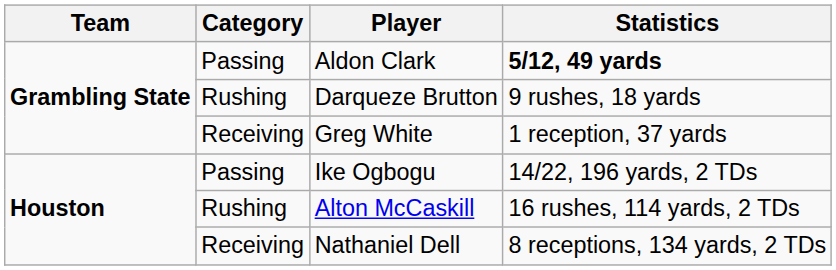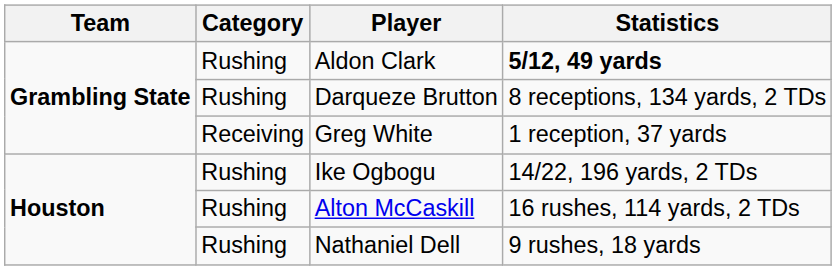 <table class="wikitable" style="float: left;">
 <tr>
 <th>Team</th>
 <th>Category</th>
 <th>Player</th>
 <th>Statistics</th>
 </tr>
 <tr>
 <td rowspan=3><strong>Grambling State</strong></td>
-<td>Passing</td>
+<td>Rushing</td>
 <td>Aldon Clark</td>
 <td><strong>5/12, 49 yards</strong></td>
 </tr>
 <tr>
 <td>Rushing</td>
 <td>Darqueze Brutton</td>
-<td>9 rushes, 18 yards</td>
+<td>8 receptions, 134 yards, 2 TDs</td>
 </tr>
 <tr>
 <td>Receiving</td>
 <td>Greg White</td>
 <td>1 reception, 37 yards</td>
 </tr>
 <tr>
 <td rowspan=3><strong>Houston</strong></td>
-<td>Passing</td>
+<td>Rushing</td>
 <td>Ike Ogbogu</td>
 <td>14/22, 196 yards, 2 TDs</td>
 </tr>
 <tr>
 <td>Rushing</td>
 <td><a href='#'>Alton McCaskill</a></td>
 <td>16 rushes, 114 yards, 2 TDs</td>
 </tr>
 <tr>
-<td>Receiving</td>
+<td>Rushing</td>
 <td>Nathaniel Dell</td>
-<td>8 receptions, 134 yards, 2 TDs</td>
+<td>9 rushes, 18 yards</td>
 </tr>
 </table>
